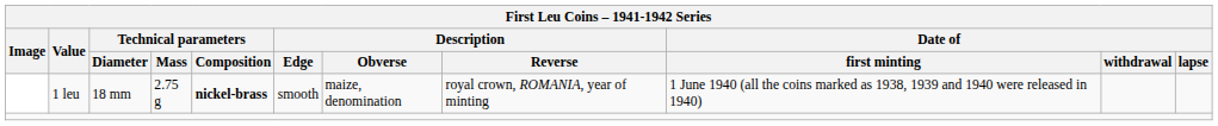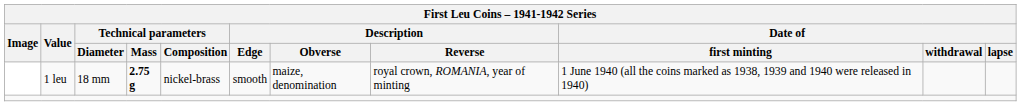 <table class="wikitable" style="font-size: 90%">
 <tr>
 <th colspan="11">First Leu Coins –  1941-1942 Series</th>
 </tr>
 <tr>
 <th rowspan="2">Image</th>
 <th rowspan="2">Value</th>
 <th colspan="3">Technical parameters</th>
 <th colspan="3">Description</th>
 <th colspan="3">Date of</th>
 </tr>
 <tr>
 <th>Diameter</th>
 <th>Mass</th>
 <th>Composition</th>
 <th>Edge</th>
 <th>Obverse</th>
 <th>Reverse</th>
 <th>first minting</th>
 <th>withdrawal</th>
 <th>lapse</th>
 </tr>
 <tr>
 <td align="center" bgcolor="white"></td>
 <td>1 leu</td>
 <td>18 mm</td>
-<td>2.75 g</td>
-<td><strong>nickel-brass</strong></td>
+<td><strong>2.75 g</strong></td>
+<td>nickel-brass</td>
 <td>smooth</td>
 <td>maize, denomination</td>
 <td>royal crown, <em>ROMANIA</em>, year of minting</td>
 <td>1 June 1940 (all the coins marked as 1938, 1939 and 1940 were released in 1940)</td>
 <td></td>
 <td></td>
 </tr>
 <tr>
 <td colspan="11"></td>
 </tr>
 </table>
